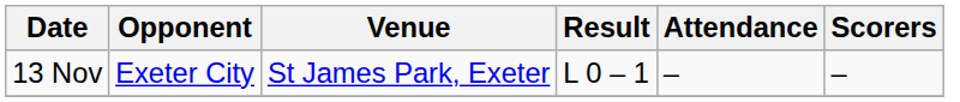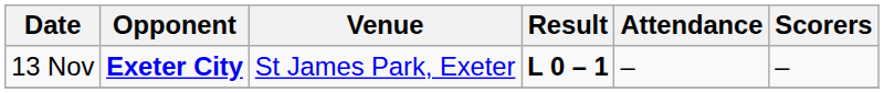 <table class="wikitable">
 <tr>
 <th>Date</th>
 <th>Opponent</th>
 <th>Venue</th>
 <th>Result</th>
 <th>Attendance</th>
 <th>Scorers</th>
 </tr>
 <tr>
 <td>13 Nov</td>
-<td><a href='#'>Exeter City</a><br></td>
+<td><strong><a href='#'>Exeter City</a><br></strong></td>
 <td><a href='#'>St James Park, Exeter</a></td>
-<td>L 0 – 1</td>
+<td><strong>L 0 – 1</strong></td>
 <td>–</td>
 <td>–</td>
 </tr>
 <tr>
 </tr>
 </table>
